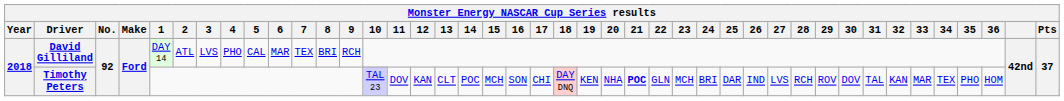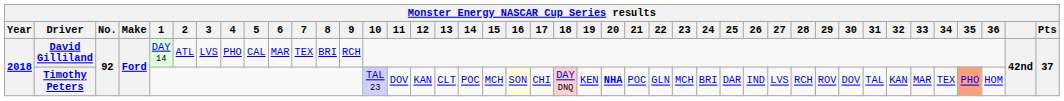 <table class="wikitable" style="text-align:center; font-size:75%">
 <tr>
 <th colspan=45><a href='#'>Monster Energy NASCAR Cup Series</a> results</th>
 </tr>
 <tr>
 <th>Year</th>
 <th>Driver</th>
 <th>No.</th>
 <th>Make</th>
 <th>1</th>
 <th>2</th>
 <th>3</th>
 <th>4</th>
 <th>5</th>
 <th>6</th>
 <th>7</th>
 <th>8</th>
 <th>9</th>
 <th>10</th>
 <th>11</th>
 <th>12</th>
 <th>13</th>
 <th>14</th>
 <th>15</th>
 <th>16</th>
 <th>17</th>
 <th>18</th>
 <th>19</th>
 <th>20</th>
 <th>21</th>
 <th>22</th>
 <th>23</th>
 <th>24</th>
 <th>25</th>
 <th>26</th>
 <th>27</th>
 <th>28</th>
 <th>29</th>
 <th>30</th>
 <th>31</th>
 <th>32</th>
 <th>33</th>
 <th>34</th>
 <th>35</th>
 <th>36</th>
 <th></th>
 <th>Pts</th>
 </tr>
 <tr>
 <th rowspan=2><a href='#'>2018</a></th>
 <th><a href='#'>David Gilliland</a></th>
 <th rowspan=2>92</th>
 <th rowspan=2><a href='#'>Ford</a></th>
 <td style="background:#DFFFDF;"><a href='#'>DAY</a><br><small>14</small></td>
 <td><a href='#'>ATL</a></td>
 <td><a href='#'>LVS</a></td>
 <td><a href='#'>PHO</a></td>
 <td><a href='#'>CAL</a></td>
 <td><a href='#'>MAR</a></td>
 <td><a href='#'>TEX</a></td>
 <td><a href='#'>BRI</a></td>
 <td><a href='#'>RCH</a></td>
 <td colspan=27></td>
 <th rowspan=2>42nd</th>
 <th rowspan=2>37</th>
 </tr>
 <tr>
 <th><a href='#'>Timothy Peters</a></th>
 <td colspan=9></td>
 <td style="background:#CFCFFF;"><a href='#'>TAL</a><br><small>23</small></td>
 <td><a href='#'>DOV</a></td>
 <td><a href='#'>KAN</a></td>
 <td><a href='#'>CLT</a></td>
 <td><a href='#'>POC</a></td>
 <td><a href='#'>MCH</a></td>
-<td><a href='#'>SON</a></td>
+<td style="background: lightyellow;"><a href='#'>SON</a></td>
 <td><a href='#'>CHI</a></td>
 <td style="background:#FFCFCF;"><a href='#'>DAY</a><br><small>DNQ</small></td>
 <td><a href='#'>KEN</a></td>
-<td><a href='#'>NHA</a></td>
-<td><strong><a href='#'>POC</a></strong></td>
+<td><strong><a href='#'>NHA</a></strong></td>
+<td><a href='#'>POC</a></td>
 <td><a href='#'>GLN</a></td>
 <td><a href='#'>MCH</a></td>
 <td><a href='#'>BRI</a></td>
 <td><a href='#'>DAR</a></td>
 <td><a href='#'>IND</a></td>
 <td><a href='#'>LVS</a></td>
 <td><a href='#'>RCH</a></td>
 <td><a href='#'>ROV</a></td>
 <td><a href='#'>DOV</a></td>
 <td><a href='#'>TAL</a></td>
 <td><a href='#'>KAN</a></td>
 <td><a href='#'>MAR</a></td>
 <td><a href='#'>TEX</a></td>
-<td><a href='#'>PHO</a></td>
+<td style="background: lightsalmon;"><a href='#'>PHO</a></td>
 <td><a href='#'>HOM</a></td>
 </tr>
 </table>
